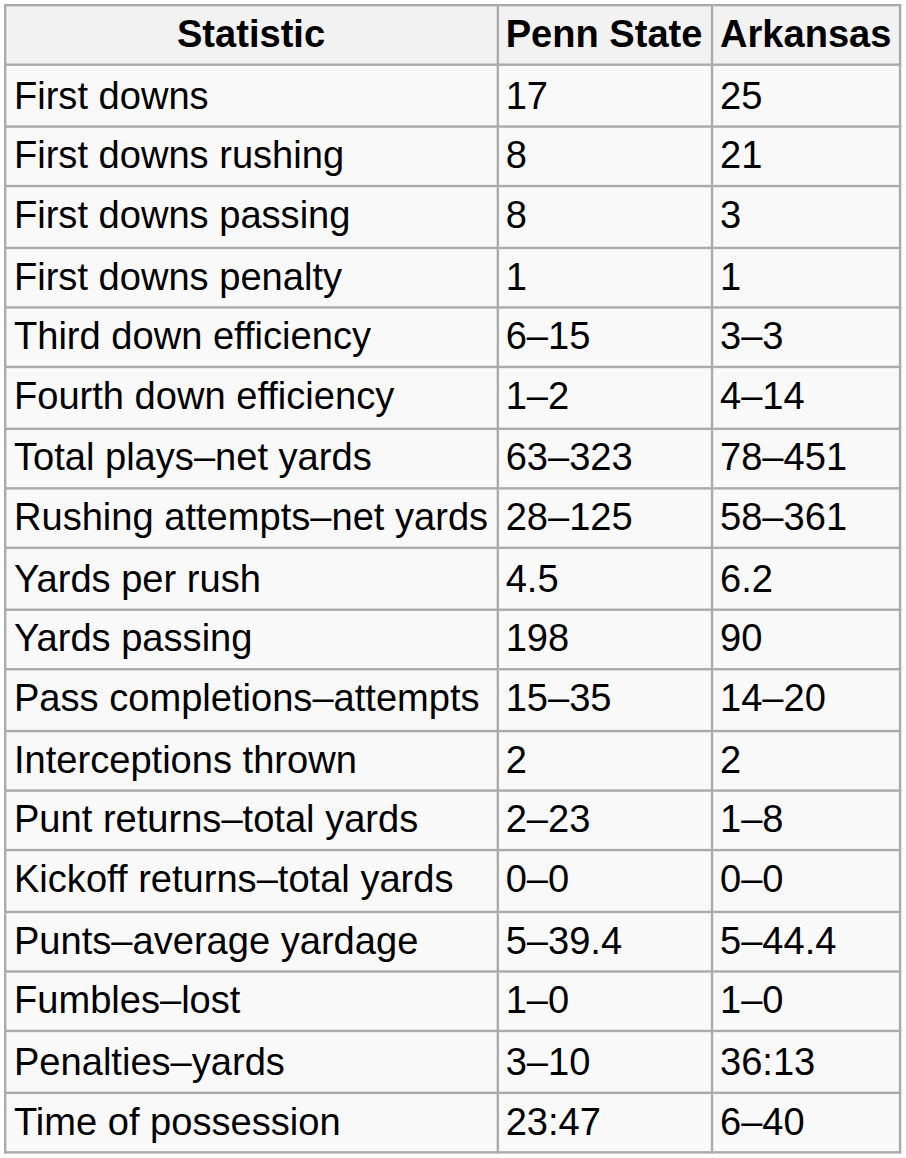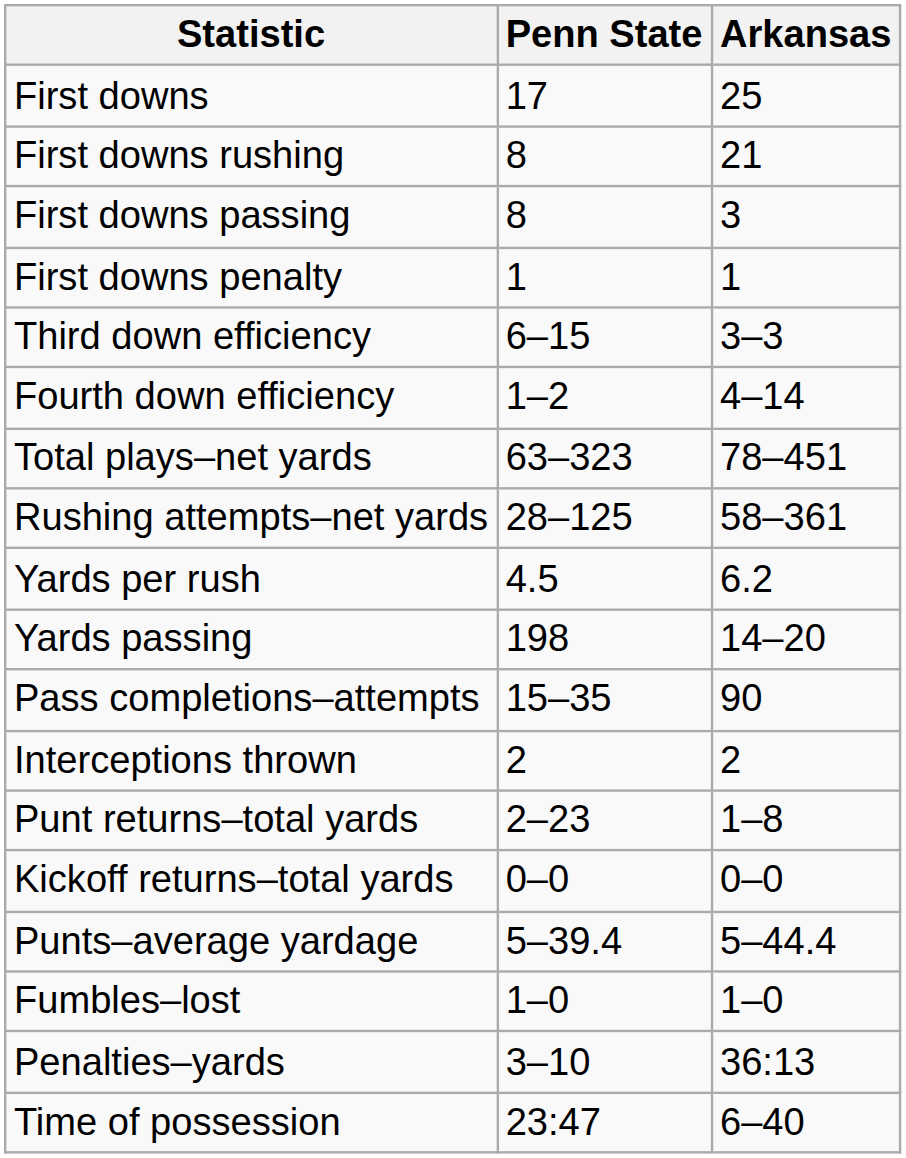 <table class="wikitable">
 <tr>
 <th>Statistic</th>
 <th><strong>Penn State</strong></th>
 <th><strong>Arkansas</strong></th>
 </tr>
 <tr>
 <td>First downs</td>
 <td>17</td>
 <td>25</td>
 </tr>
 <tr>
 <td>First downs rushing</td>
 <td>8</td>
 <td>21</td>
 </tr>
 <tr>
 <td>First downs passing</td>
 <td>8</td>
 <td>3</td>
 </tr>
 <tr>
 <td>First downs penalty</td>
 <td>1</td>
 <td>1</td>
 </tr>
 <tr>
 <td>Third down efficiency</td>
 <td>6–15</td>
 <td>3–3</td>
 </tr>
 <tr>
 <td>Fourth down efficiency</td>
 <td>1–2</td>
 <td>4–14</td>
 </tr>
 <tr>
 <td>Total plays–net yards</td>
 <td>63–323</td>
 <td>78–451</td>
 </tr>
 <tr>
 <td>Rushing attempts–net yards</td>
 <td>28–125</td>
 <td>58–361</td>
 </tr>
 <tr>
 <td>Yards per rush</td>
 <td>4.5</td>
 <td>6.2</td>
 </tr>
 <tr>
 <td>Yards passing</td>
 <td>198</td>
-<td>90</td>
+<td>14–20</td>
 </tr>
 <tr>
 <td>Pass completions–attempts</td>
 <td>15–35</td>
-<td>14–20</td>
+<td>90</td>
 </tr>
 <tr>
 <td>Interceptions thrown</td>
 <td>2</td>
 <td>2</td>
 </tr>
 <tr>
 <td>Punt returns–total yards</td>
 <td>2–23</td>
 <td>1–8</td>
 </tr>
 <tr>
 <td>Kickoff returns–total yards</td>
 <td>0–0</td>
 <td>0–0</td>
 </tr>
 <tr>
 <td>Punts–average yardage</td>
 <td>5–39.4</td>
 <td>5–44.4</td>
 </tr>
 <tr>
 <td>Fumbles–lost</td>
 <td>1–0</td>
 <td>1–0</td>
 </tr>
 <tr>
 <td>Penalties–yards</td>
 <td>3–10</td>
 <td>36:13</td>
 </tr>
 <tr>
 <td>Time of possession</td>
 <td>23:47</td>
 <td>6–40</td>
 </tr>
 </table>
